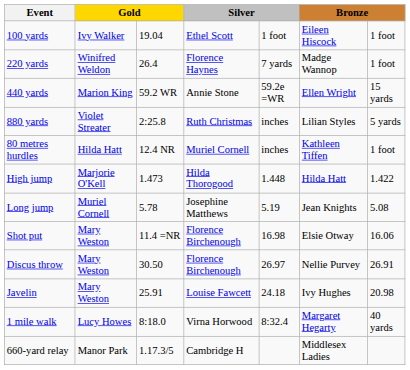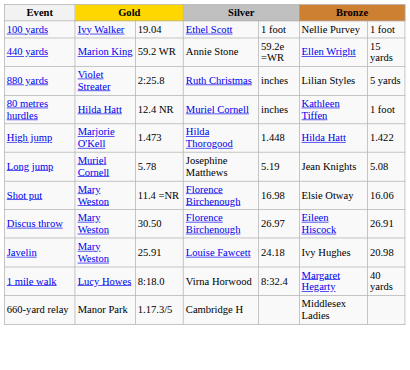 <table class="wikitable" style="text-align:left">
 <tr>
 <th width=100>Event</th>
 <th colspan="2" width="280" style="background:gold;">Gold</th>
 <th colspan="2" width="280" style="background:silver;">Silver</th>
 <th colspan="2" width="280" style="background:#CD7F32;">Bronze</th>
 </tr>
 <tr>
 <td><a href='#'>100 yards</a></td>
 <td><a href='#'>Ivy Walker</a></td>
 <td>19.04</td>
 <td><a href='#'>Ethel Scott</a></td>
 <td>1 foot</td>
-<td><a href='#'>Eileen Hiscock</a></td>
-<td>1 foot</td>
-</tr>
-<tr>
-<td><a href='#'>220 yards</a></td>
-<td><a href='#'>Winifred Weldon</a></td>
-<td>26.4</td>
-<td><a href='#'>Florence Haynes</a></td>
-<td>7 yards</td>
-<td>Madge Wannop</td>
+<td>Nellie Purvey</td>
 <td>1 foot</td>
 </tr>
 <tr>
 <td><a href='#'>440 yards</a></td>
 <td><a href='#'>Marion King</a></td>
 <td>59.2 WR</td>
 <td>Annie Stone</td>
 <td>59.2e =WR</td>
 <td><a href='#'>Ellen Wright</a></td>
 <td>15 yards</td>
 </tr>
 <tr>
 <td><a href='#'>880 yards</a></td>
 <td><a href='#'>Violet Streater</a></td>
 <td>2:25.8</td>
 <td><a href='#'>Ruth Christmas</a></td>
 <td>inches</td>
 <td>Lilian Styles</td>
 <td>5 yards</td>
 </tr>
 <tr>
 <td><a href='#'>80 metres hurdles</a></td>
 <td><a href='#'>Hilda Hatt</a></td>
 <td>12.4 NR</td>
 <td><a href='#'>Muriel Cornell</a></td>
 <td>inches</td>
 <td><a href='#'>Kathleen Tiffen</a></td>
 <td>1 foot</td>
 </tr>
 <tr>
 <td><a href='#'>High jump</a></td>
 <td><a href='#'>Marjorie O'Kell</a></td>
 <td>1.473</td>
 <td><a href='#'>Hilda Thorogood</a></td>
 <td>1.448</td>
 <td><a href='#'>Hilda Hatt</a></td>
 <td>1.422</td>
 </tr>
 <tr>
 <td><a href='#'>Long jump</a></td>
 <td><a href='#'>Muriel Cornell</a></td>
 <td>5.78</td>
 <td>Josephine Matthews</td>
 <td>5.19</td>
 <td>Jean Knights</td>
 <td>5.08</td>
 </tr>
 <tr>
 <td><a href='#'>Shot put</a></td>
 <td><a href='#'>Mary Weston</a></td>
 <td>11.4 =NR</td>
 <td><a href='#'>Florence Birchenough</a></td>
 <td>16.98</td>
 <td>Elsie Otway</td>
 <td>16.06</td>
 </tr>
 <tr>
 <td><a href='#'>Discus throw</a></td>
 <td><a href='#'>Mary Weston</a></td>
 <td>30.50</td>
 <td><a href='#'>Florence Birchenough</a></td>
 <td>26.97</td>
-<td>Nellie Purvey</td>
+<td><a href='#'>Eileen Hiscock</a></td>
 <td>26.91</td>
 </tr>
 <tr>
 <td><a href='#'>Javelin</a></td>
 <td><a href='#'>Mary Weston</a></td>
 <td>25.91</td>
 <td><a href='#'>Louise Fawcett</a></td>
 <td>24.18</td>
 <td>Ivy Hughes</td>
 <td>20.98</td>
 </tr>
 <tr>
 <td><a href='#'>1 mile walk</a></td>
 <td><a href='#'>Lucy Howes</a></td>
 <td>8:18.0</td>
 <td>Virna Horwood</td>
 <td>8:32.4</td>
 <td><a href='#'>Margaret Hegarty</a></td>
 <td>40 yards</td>
 </tr>
 <tr>
 <td>660-yard relay</td>
 <td>Manor Park</td>
 <td>1.17.3/5</td>
 <td>Cambridge H</td>
 <td></td>
 <td>Middlesex Ladies</td>
 <td></td>
 </tr>
 </table>
